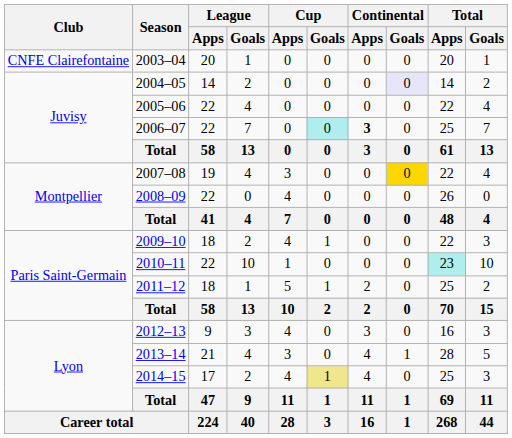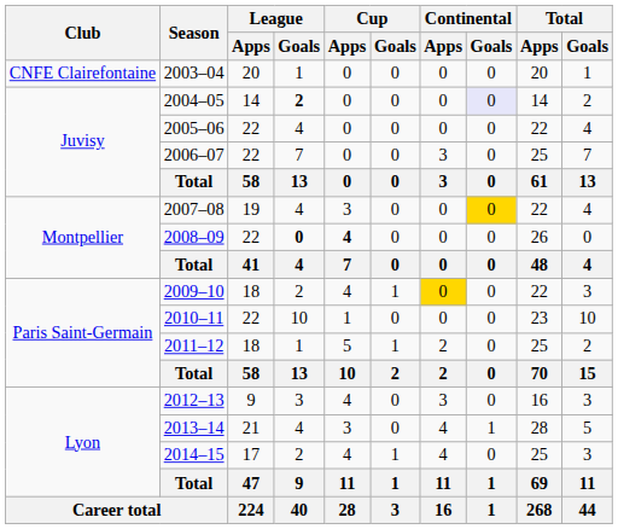 <table class="wikitable" style="text-align:center">
 <tr>
 <th rowspan="2">Club</th>
 <th rowspan="2">Season</th>
 <th colspan="2">League</th>
 <th colspan="2">Cup</th>
 <th colspan="2">Continental</th>
 <th colspan="2">Total</th>
 </tr>
 <tr>
 <th>Apps</th>
 <th>Goals</th>
 <th>Apps</th>
 <th>Goals</th>
 <th>Apps</th>
 <th>Goals</th>
 <th>Apps</th>
 <th>Goals</th>
 </tr>
 <tr>
 <td><a href='#'>CNFE Clairefontaine</a></td>
 <td>2003–04</td>
 <td>20</td>
 <td>1</td>
 <td>0</td>
 <td>0</td>
 <td>0</td>
 <td>0</td>
 <td>20</td>
 <td>1</td>
 </tr>
 <tr>
 <td rowspan="4"><a href='#'>Juvisy</a></td>
 <td>2004–05</td>
 <td>14</td>
-<td>2</td>
+<td><strong>2</strong></td>
 <td>0</td>
 <td>0</td>
 <td>0</td>
 <td style="background: lavender;">0</td>
 <td>14</td>
 <td>2</td>
 </tr>
 <tr>
 <td>2005–06</td>
 <td>22</td>
 <td>4</td>
 <td>0</td>
 <td>0</td>
 <td>0</td>
 <td>0</td>
 <td>22</td>
 <td>4</td>
 </tr>
 <tr>
 <td>2006–07</td>
 <td>22</td>
 <td>7</td>
 <td>0</td>
-<td style="background: paleturquoise;">0</td>
-<td><strong>3</strong></td>
+<td>0</td>
+<td>3</td>
 <td>0</td>
 <td>25</td>
 <td>7</td>
 </tr>
 <tr>
 <th>Total</th>
 <th>58</th>
 <th>13</th>
 <th>0</th>
 <th>0</th>
 <th>3</th>
 <th>0</th>
 <th>61</th>
 <th>13</th>
 </tr>
 <tr>
 <td rowspan="3"><a href='#'>Montpellier</a></td>
 <td>2007–08</td>
 <td>19</td>
 <td>4</td>
 <td>3</td>
 <td>0</td>
 <td>0</td>
 <td style="background: gold;">0</td>
 <td>22</td>
 <td>4</td>
 </tr>
 <tr>
 <td><a href='#'>2008–09</a></td>
 <td>22</td>
-<td>0</td>
-<td>4</td>
+<td><strong>0</strong></td>
+<td><strong>4</strong></td>
 <td>0</td>
 <td>0</td>
 <td>0</td>
 <td>26</td>
 <td>0</td>
 </tr>
 <tr>
 <th>Total</th>
 <th>41</th>
 <th>4</th>
 <th>7</th>
 <th>0</th>
 <th>0</th>
 <th>0</th>
 <th>48</th>
 <th>4</th>
 </tr>
 <tr>
 <td rowspan="4"><a href='#'>Paris Saint-Germain</a></td>
 <td><a href='#'>2009–10</a></td>
 <td>18</td>
 <td>2</td>
 <td>4</td>
 <td>1</td>
-<td>0</td>
+<td style="background: gold;">0</td>
 <td>0</td>
 <td>22</td>
 <td>3</td>
 </tr>
 <tr>
 <td><a href='#'>2010–11</a></td>
 <td>22</td>
 <td>10</td>
 <td>1</td>
 <td>0</td>
 <td>0</td>
 <td>0</td>
-<td style="background: paleturquoise;">23</td>
+<td>23</td>
 <td>10</td>
 </tr>
 <tr>
 <td><a href='#'>2011–12</a></td>
 <td>18</td>
 <td>1</td>
 <td>5</td>
 <td>1</td>
 <td>2</td>
 <td>0</td>
 <td>25</td>
 <td>2</td>
 </tr>
 <tr>
 <th>Total</th>
 <th>58</th>
 <th>13</th>
 <th>10</th>
 <th>2</th>
 <th>2</th>
 <th>0</th>
 <th>70</th>
 <th>15</th>
 </tr>
 <tr>
 <td rowspan="4"><a href='#'>Lyon</a></td>
 <td><a href='#'>2012–13</a></td>
 <td>9</td>
 <td>3</td>
 <td>4</td>
 <td>0</td>
 <td>3</td>
 <td>0</td>
 <td>16</td>
 <td>3</td>
 </tr>
 <tr>
 <td><a href='#'>2013–14</a></td>
 <td>21</td>
 <td>4</td>
 <td>3</td>
 <td>0</td>
 <td>4</td>
 <td>1</td>
 <td>28</td>
 <td>5</td>
 </tr>
 <tr>
 <td><a href='#'>2014–15</a></td>
 <td>17</td>
 <td>2</td>
 <td>4</td>
-<td style="background: khaki;">1</td>
+<td>1</td>
 <td>4</td>
 <td>0</td>
 <td>25</td>
 <td>3</td>
 </tr>
 <tr>
 <th>Total</th>
 <th>47</th>
 <th>9</th>
 <th>11</th>
 <th>1</th>
 <th>11</th>
 <th>1</th>
 <th>69</th>
 <th>11</th>
 </tr>
 <tr>
 <th colspan="2">Career total</th>
 <th>224</th>
 <th>40</th>
 <th>28</th>
 <th>3</th>
 <th>16</th>
 <th>1</th>
 <th>268</th>
 <th>44</th>
 </tr>
 </table>
